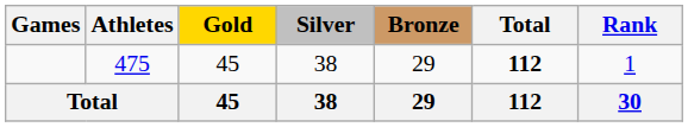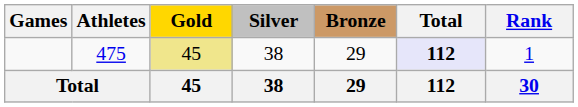 <table class="wikitable" style="text-align:center; font-size:90%;">
 <tr>
 <th>Games</th>
 <th>Athletes</th>
 <td style="background:gold; width:3.7em; font-weight:bold;">Gold</td>
 <td style="background:silver; width:3.7em; font-weight:bold;">Silver</td>
 <td style="background:#cc9966; width:3.7em; font-weight:bold;">Bronze</td>
 <th style="width:4em; font-weight:bold;">Total</th>
 <th style="width:4em; font-weight:bold;"><a href='#'>Rank</a></th>
 </tr>
 <tr>
 <td align=left></td>
 <td><a href='#'>475</a></td>
-<td>45</td>
+<td style="background: khaki;">45</td>
 <td>38</td>
 <td>29</td>
-<td><strong>112</strong></td>
+<td style="background: lavender;"><strong>112</strong></td>
 <td><a href='#'>1</a></td>
 </tr>
 <tr>
 <th colspan=2>Total</th>
 <th>45</th>
 <th>38</th>
 <th>29</th>
 <th>112</th>
 <th><a href='#'>30</a></th>
 </tr>
 </table>
